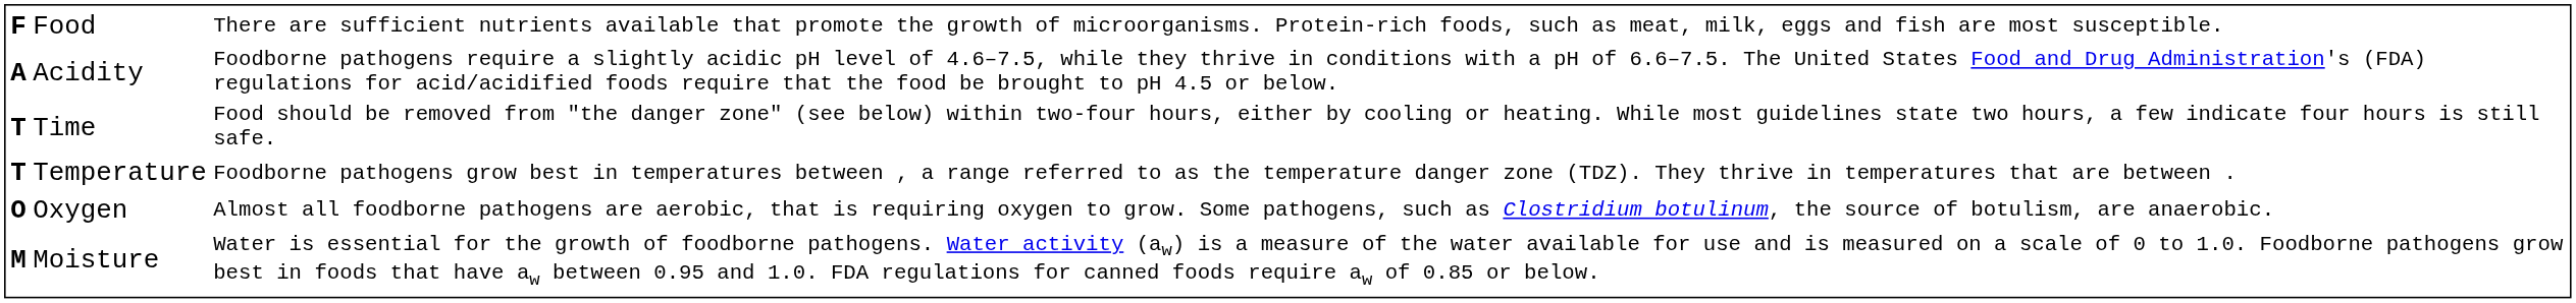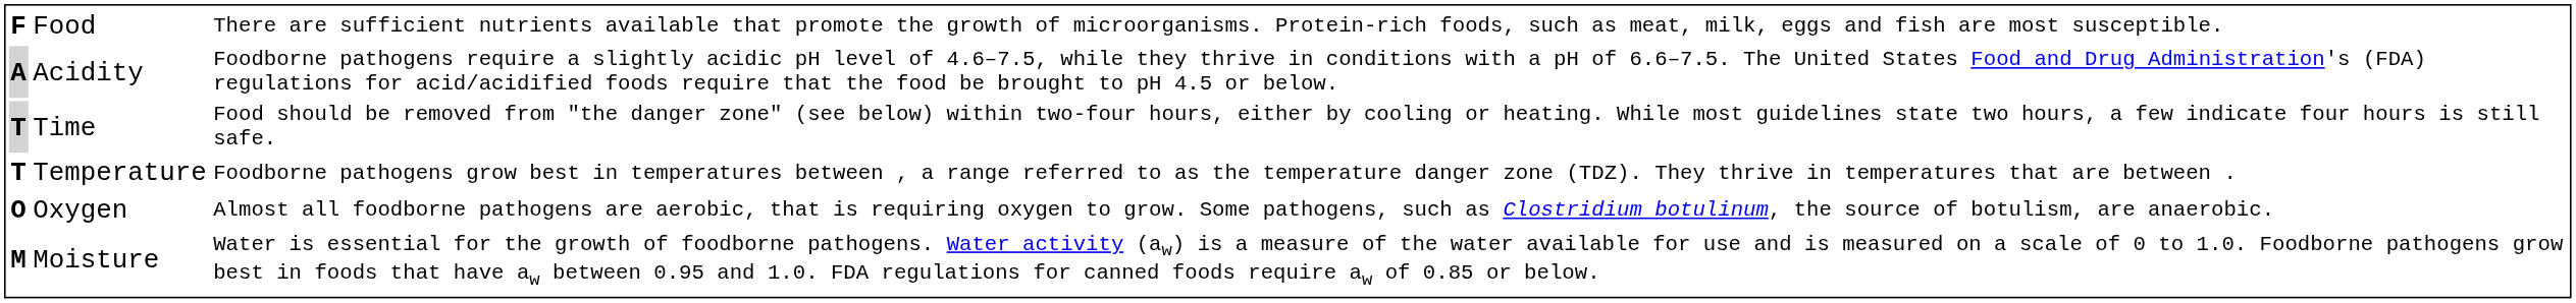 <table style="align:center; border:1px solid black;">
 <tr>
 <td style="width=25%; font-size: 125%;"><strong>F</strong></td>
 <td style="width=35%; font-size: 125%;">Food</td>
 <td>There are sufficient nutrients available that promote the growth of microorganisms. Protein-rich foods, such as meat, milk, eggs and fish are most susceptible.</td>
 </tr>
 <tr>
-<td style="font-size: 125%;"><strong>A</strong></td>
+<td style="background: lightgrey; font-size: 125%;"><strong>A</strong></td>
 <td style="font-size: 125%;">Acidity</td>
 <td>Foodborne pathogens require a slightly acidic pH level of 4.6–7.5, while they thrive in conditions with a pH of 6.6–7.5. The United States <a href='#'>Food and Drug Administration</a>'s (FDA) regulations for acid/acidified foods require that the food be brought to pH 4.5 or below.</td>
 </tr>
 <tr>
-<td style="font-size: 125%;"><strong>T</strong></td>
+<td style="background: lightgrey; font-size: 125%;"><strong>T</strong></td>
 <td style="font-size: 125%;">Time</td>
 <td>Food should be removed from "the danger zone" (see below) within two-four hours, either by cooling or heating.  While most guidelines state two hours, a few indicate four hours is still safe.</td>
 </tr>
 <tr>
 <td style="font-size: 125%;"><strong>T</strong></td>
 <td style="font-size: 125%;">Temperature</td>
 <td>Foodborne pathogens grow best in temperatures between , a range referred to as the temperature danger zone (TDZ). They thrive in temperatures that are between .</td>
 </tr>
 <tr>
 <td style="font-size: 125%;"><strong>O</strong></td>
 <td style="font-size: 125%;">Oxygen</td>
 <td>Almost all foodborne pathogens are aerobic, that is requiring oxygen to grow. Some pathogens, such as <em><a href='#'>Clostridium botulinum</a></em>, the source of botulism, are anaerobic.</td>
 </tr>
 <tr>
 <td style="font-size: 125%;"><strong>M</strong></td>
 <td style="font-size: 125%;">Moisture</td>
 <td>Water is essential for the growth of foodborne pathogens. <a href='#'>Water activity</a> (a<sub>w</sub>) is a measure of the water available for use and is measured on a scale of 0 to 1.0. Foodborne pathogens grow best in foods that have a<sub>w</sub> between 0.95 and 1.0. FDA regulations for canned foods require a<sub>w</sub> of 0.85 or below.</td>
 </tr>
 <tr>
 </tr>
 </table>
